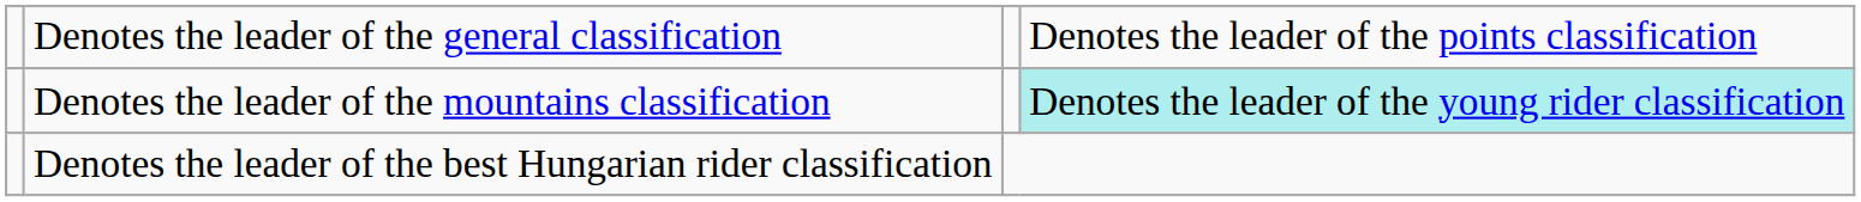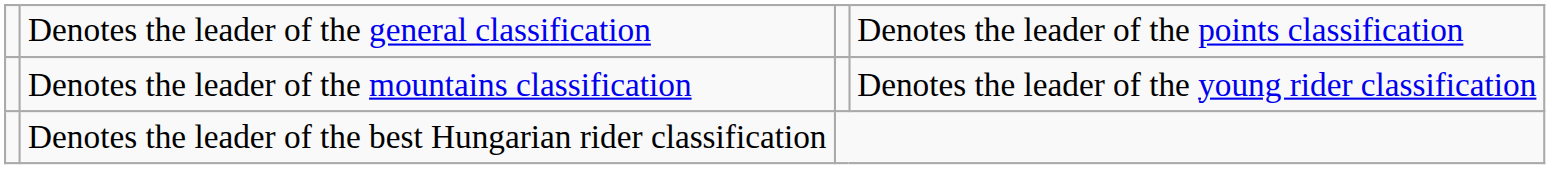 <table class="wikitable">
 <tr>
 <td></td>
 <td>Denotes the leader of the <a href='#'>general classification</a></td>
 <td></td>
 <td>Denotes the leader of the <a href='#'>points classification</a></td>
 </tr>
 <tr>
 <td></td>
 <td>Denotes the leader of the <a href='#'>mountains classification</a></td>
 <td></td>
-<td style="background: paleturquoise;">Denotes the leader of the <a href='#'>young rider classification</a></td>
+<td>Denotes the leader of the <a href='#'>young rider classification</a></td>
 </tr>
 <tr>
 <td></td>
 <td>Denotes the leader of the best Hungarian rider classification</td>
 </tr>
 </table>
